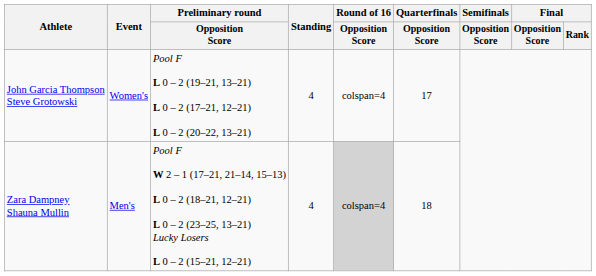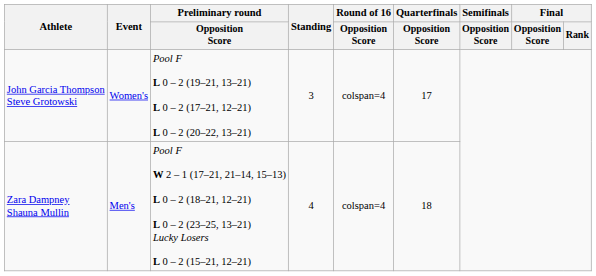 <table class=wikitable style="text-align:center; font-size:90%">
 <tr>
 <th rowspan="2">Athlete</th>
 <th rowspan="2">Event</th>
 <th>Preliminary round</th>
 <th rowspan="2">Standing</th>
 <th>Round of 16</th>
 <th>Quarterfinals</th>
 <th>Semifinals</th>
 <th colspan=2>Final</th>
 </tr>
 <tr style="font-size:95%">
 <th>Opposition<br>Score</th>
 <th>Opposition<br>Score</th>
 <th>Opposition<br>Score</th>
 <th>Opposition<br>Score</th>
 <th>Opposition<br>Score</th>
 <th>Rank</th>
 </tr>
 <tr>
 <td style="text-align:left;"><a href='#'>John Garcia Thompson</a><br><a href='#'>Steve Grotowski</a></td>
 <td style="text-align:left;"><a href='#'>Women's</a></td>
 <td style="text-align:left;"><em>Pool F</em><br><br><strong>L</strong> 0 – 2 (19–21, 13–21)<br><br><strong>L</strong> 0 – 2 (17–21, 12–21)<br><br><strong>L</strong> 0 – 2 (20–22, 13–21)</td>
-<td>4</td>
+<td>3</td>
 <td>colspan=4 </td>
 <td>17</td>
 </tr>
 <tr>
 <td style="text-align:left;"><a href='#'>Zara Dampney</a> <br><a href='#'>Shauna Mullin</a></td>
 <td style="text-align:left;"><a href='#'>Men's</a></td>
 <td style="text-align:left;"><em>Pool F</em><br><br><strong>W</strong> 2 – 1 (17–21, 21–14, 15–13)<br><br><strong>L</strong> 0 – 2 (18–21, 12–21)<br><br><strong>L</strong> 0 – 2 (23–25, 13–21)<br><em>Lucky Losers</em><br><br><strong>L</strong> 0 – 2 (15–21, 12–21)</td>
 <td>4</td>
-<td style="background: lightgrey;">colspan=4 </td>
+<td>colspan=4 </td>
 <td>18</td>
 </tr>
 </table>
